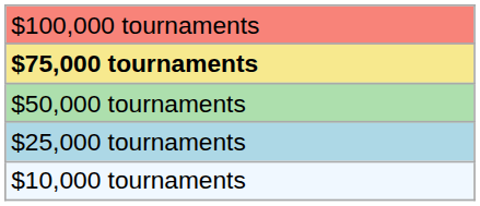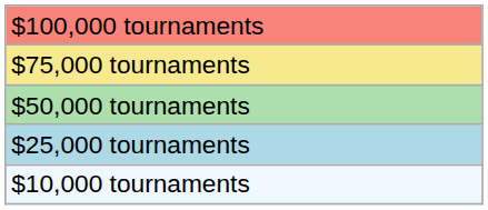 <table class="wikitable" style="font-size:85%;" width=13%>
 <tr bgcolor="#F88379">
 <td>$100,000 tournaments</td>
 </tr>
 <tr bgcolor="#F7E98E">
-<td><strong>$75,000 tournaments</strong></td>
+<td>$75,000 tournaments</td>
 </tr>
 <tr bgcolor="#ADDFAD">
 <td>$50,000 tournaments</td>
 </tr>
 <tr bgcolor="lightblue">
 <td>$25,000 tournaments</td>
 </tr>
 <tr bgcolor="#f0f8ff">
 <td>$10,000 tournaments</td>
 </tr>
 </table>
